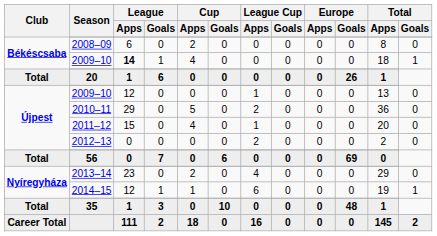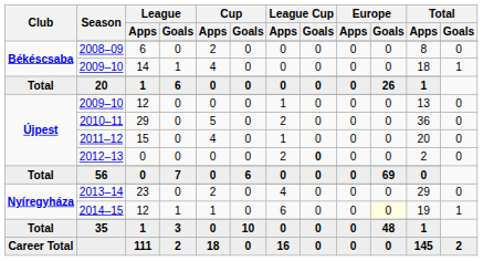 <table class="wikitable" style="font-size:90%; text-align: center;">
 <tr>
 <th rowspan="2">Club</th>
 <th rowspan="2">Season</th>
 <th colspan="2">League</th>
 <th colspan="2">Cup</th>
 <th colspan="2">League Cup</th>
 <th colspan="2">Europe</th>
 <th colspan="2">Total</th>
 </tr>
 <tr>
 <th>Apps</th>
 <th>Goals</th>
 <th>Apps</th>
 <th>Goals</th>
 <th>Apps</th>
 <th>Goals</th>
 <th>Apps</th>
 <th>Goals</th>
 <th>Apps</th>
 <th>Goals</th>
 </tr>
 <tr ||-||-||-|->
 <td rowspan="4" valign="center"><strong><a href='#'>Békéscsaba</a></strong></td>
 </tr>
 <tr>
 <td><a href='#'>2008–09</a></td>
 <td>6</td>
 <td>0</td>
 <td>2</td>
 <td>0</td>
 <td>0</td>
 <td>0</td>
 <td>0</td>
 <td>0</td>
 <td>8</td>
 <td>0</td>
 </tr>
 <tr>
 <td><a href='#'>2009–10</a></td>
-<td><strong>14</strong></td>
+<td>14</td>
 <td>1</td>
 <td>4</td>
 <td>0</td>
 <td>0</td>
 <td>0</td>
 <td>0</td>
 <td>0</td>
 <td>18</td>
 <td>1</td>
 </tr>
 <tr>
 </tr>
 <tr style="font-weight:bold; background-color:#eeeeee;">
 <td>Total</td>
 <td>20</td>
 <td>1</td>
 <td>6</td>
 <td>0</td>
 <td>0</td>
 <td>0</td>
 <td>0</td>
 <td>0</td>
 <td>26</td>
 <td>1</td>
 </tr>
 <tr>
 <td rowspan="6" valign="center"><strong><a href='#'>Újpest</a></strong></td>
 </tr>
 <tr>
 <td><a href='#'>2009–10</a></td>
 <td>12</td>
 <td>0</td>
 <td>0</td>
 <td>0</td>
 <td>1</td>
 <td>0</td>
 <td>0</td>
 <td>0</td>
 <td>13</td>
 <td>0</td>
 </tr>
 <tr>
 <td><a href='#'>2010–11</a></td>
 <td>29</td>
 <td>0</td>
 <td>5</td>
 <td>0</td>
 <td>2</td>
 <td>0</td>
 <td>0</td>
 <td>0</td>
 <td>36</td>
 <td>0</td>
 </tr>
 <tr>
 <td><a href='#'>2011–12</a></td>
 <td>15</td>
 <td>0</td>
 <td>4</td>
 <td>0</td>
 <td>1</td>
 <td>0</td>
 <td>0</td>
 <td>0</td>
 <td>20</td>
 <td>0</td>
 </tr>
 <tr>
 <td><a href='#'>2012–13</a></td>
 <td>0</td>
 <td>0</td>
 <td>0</td>
 <td>0</td>
 <td>2</td>
-<td>0</td>
+<td><strong>0</strong></td>
 <td>0</td>
 <td>0</td>
 <td>2</td>
 <td>0</td>
 </tr>
 <tr>
 </tr>
 <tr style="font-weight:bold; background-color:#eeeeee;">
 <td>Total</td>
 <td>56</td>
 <td>0</td>
 <td>7</td>
 <td>0</td>
 <td>6</td>
 <td>0</td>
 <td>0</td>
 <td>0</td>
 <td>69</td>
 <td>0</td>
 </tr>
 <tr>
 <td rowspan="4" valign="center"><strong><a href='#'>Nyíregyháza</a></strong></td>
 </tr>
 <tr>
 <td><a href='#'>2013–14</a></td>
 <td>23</td>
 <td>0</td>
 <td>2</td>
 <td>0</td>
 <td>4</td>
 <td>0</td>
 <td>0</td>
 <td>0</td>
 <td>29</td>
 <td>0</td>
 </tr>
 <tr>
 <td><a href='#'>2014–15</a></td>
 <td>12</td>
 <td>1</td>
 <td>1</td>
 <td>0</td>
 <td>6</td>
 <td>0</td>
 <td>0</td>
-<td>0</td>
+<td style="background: lightyellow;">0</td>
 <td>19</td>
 <td>1</td>
 </tr>
 <tr>
 </tr>
 <tr style="font-weight:bold; background-color:#eeeeee;">
 <td>Total</td>
 <td>35</td>
 <td>1</td>
 <td>3</td>
 <td>0</td>
 <td>10</td>
 <td>0</td>
 <td>0</td>
 <td>0</td>
 <td>48</td>
 <td>1</td>
 </tr>
 <tr style="font-weight:bold; background-color:#eeeeee;">
 <td rowspan="1" valign="top"><strong>Career Total</strong></td>
 <td></td>
 <td><strong>111</strong></td>
 <td><strong>2</strong></td>
 <td><strong>18</strong></td>
 <td><strong>0</strong></td>
 <td><strong>16</strong></td>
 <td><strong>0</strong></td>
 <td><strong>0</strong></td>
 <td><strong>0</strong></td>
 <td><strong>145</strong></td>
 <td><strong>2</strong></td>
 </tr>
 </table>
